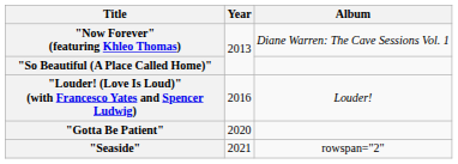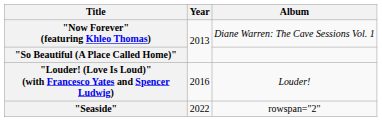 <table class="wikitable plainrowheaders" style="text-align:center;">
 <tr>
 <th scope="col" style="width:18em;">Title</th>
 <th scope="col">Year</th>
 <th scope="col">Album</th>
 </tr>
 <tr>
 <th scope="row">"Now Forever" <br><span>(featuring <a href='#'>Khleo Thomas</a>)</span></th>
 <td rowspan="2">2013</td>
 <td><em>Diane Warren: The Cave Sessions Vol. 1</em></td>
 </tr>
 <tr>
 <th scope="row">"So Beautiful (A Place Called Home)"</th>
 </tr>
 <tr>
 <th scope="row">"Louder! (Love Is Loud)" <br><span>(with <a href='#'>Francesco Yates</a> and <a href='#'>Spencer Ludwig</a>)</span></th>
 <td>2016</td>
 <td><em>Louder!</em></td>
 </tr>
 <tr>
-<th scope="row">"Gotta Be Patient" <br></th>
-<td>2020</td>
-<td></td>
-</tr>
-<tr>
 <th scope="row">"Seaside"<br></th>
-<td>2021</td>
+<td>2022</td>
 <td>rowspan="2" </td>
 </tr>
 </table>
